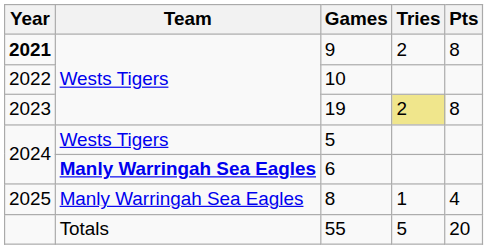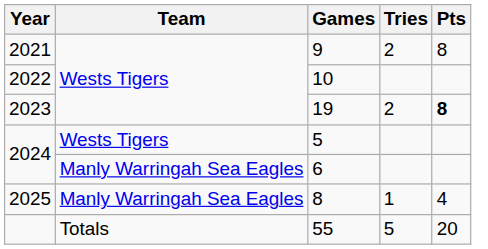 <table class="wikitable">
 <tr>
 <th>Year</th>
 <th>Team</th>
 <th>Games</th>
 <th>Tries</th>
 <th>Pts</th>
 </tr>
 <tr>
-<td><strong>2021</strong></td>
+<td>2021</td>
 <td rowspan="3"> <a href='#'>Wests Tigers</a></td>
 <td>9</td>
 <td>2</td>
 <td>8</td>
 </tr>
 <tr>
 <td>2022</td>
 <td>10</td>
 <td></td>
 <td></td>
 </tr>
 <tr>
 <td>2023</td>
 <td>19</td>
-<td style="background: khaki;">2</td>
-<td>8</td>
+<td>2</td>
+<td><strong>8</strong></td>
 </tr>
 <tr>
 <td rowspan="2">2024</td>
 <td> <a href='#'>Wests Tigers</a></td>
 <td>5</td>
 <td></td>
 <td></td>
 </tr>
 <tr>
-<td><strong> <a href='#'>Manly Warringah Sea Eagles</a></strong></td>
+<td> <a href='#'>Manly Warringah Sea Eagles</a></td>
 <td>6</td>
 <td></td>
 <td></td>
 </tr>
 <tr>
 <td>2025</td>
 <td> <a href='#'>Manly Warringah Sea Eagles</a></td>
 <td>8</td>
 <td>1</td>
 <td>4</td>
 </tr>
 <tr>
 <td></td>
 <td>Totals</td>
 <td>55</td>
 <td>5</td>
 <td>20</td>
 </tr>
 </table>
